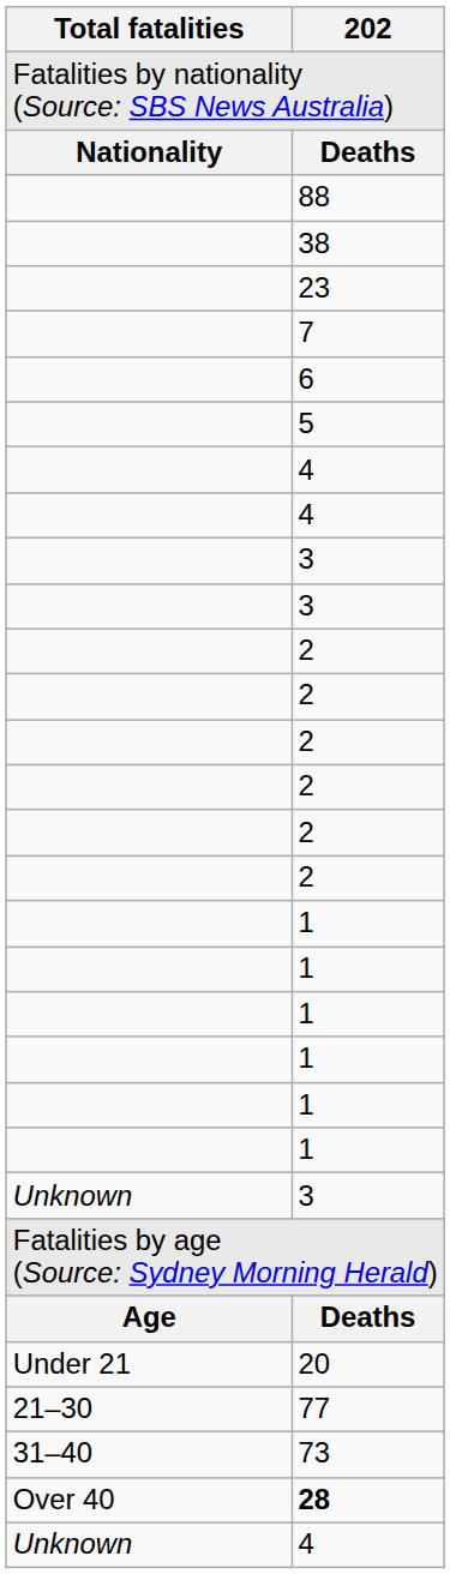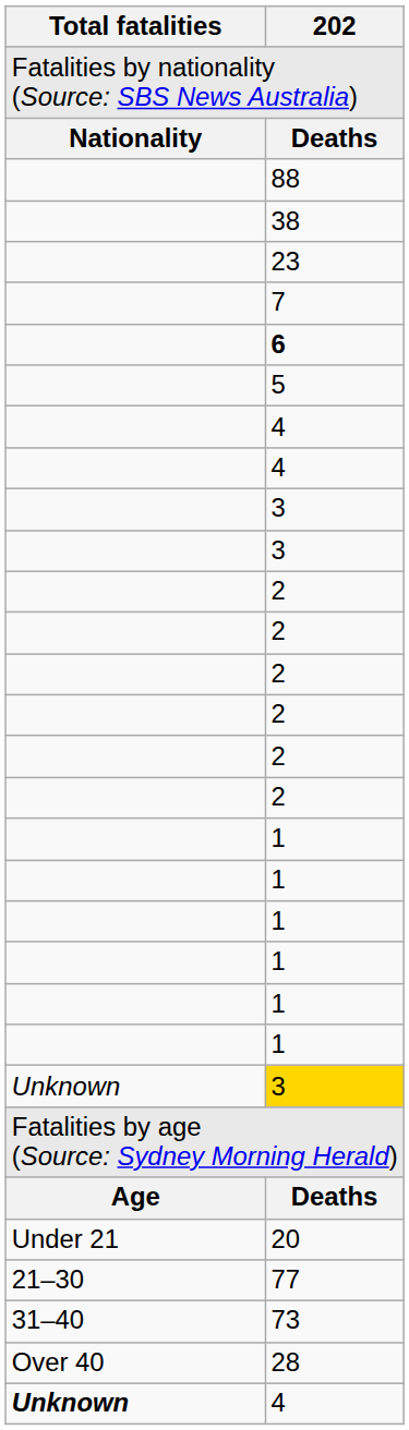 <table class="wikitable sortable" style="float:right; margin:10px">
 <tr style="background: #E9E9E9;">
 <th>Total fatalities</th>
 <th>202</th>
 </tr>
 <tr>
 <td colspan="2" style="background: #E9E9E9;"><div>Fatalities by nationality <br> (<em>Source: <a href='#'>SBS News Australia</a></em>)</div></td>
 </tr>
 <tr>
 <th>Nationality</th>
 <th>Deaths</th>
 </tr>
 <tr>
 <td></td>
 <td>88</td>
 </tr>
 <tr>
 <td></td>
 <td>38</td>
 </tr>
 <tr>
 <td></td>
 <td>23</td>
 </tr>
 <tr>
 <td></td>
 <td>7</td>
 </tr>
 <tr>
 <td></td>
-<td>6</td>
+<td><strong>6</strong></td>
 </tr>
 <tr>
 <td></td>
 <td>5</td>
 </tr>
 <tr>
 <td></td>
 <td>4</td>
 </tr>
 <tr>
 <td></td>
 <td>4</td>
 </tr>
 <tr>
 <td></td>
 <td>3</td>
 </tr>
 <tr>
 <td></td>
 <td>3</td>
 </tr>
 <tr>
 <td></td>
 <td>2</td>
 </tr>
 <tr>
 <td></td>
 <td>2</td>
 </tr>
 <tr>
 <td></td>
 <td>2</td>
 </tr>
 <tr>
 <td></td>
 <td>2</td>
 </tr>
 <tr>
 <td></td>
 <td>2</td>
 </tr>
 <tr>
 <td></td>
 <td>2</td>
 </tr>
 <tr>
 <td></td>
 <td>1</td>
 </tr>
 <tr>
 <td></td>
 <td>1</td>
 </tr>
 <tr>
 <td></td>
 <td>1</td>
 </tr>
 <tr>
 <td></td>
 <td>1</td>
 </tr>
 <tr>
 <td></td>
 <td>1</td>
 </tr>
 <tr>
 <td></td>
 <td>1</td>
 </tr>
 <tr>
 <td><em>Unknown</em></td>
-<td>3</td>
+<td style="background: gold;">3</td>
 </tr>
 <tr>
 <td colspan="4" style="background: #E9E9E9;"><div>Fatalities by age <br> (<em>Source: <a href='#'>Sydney Morning Herald</a></em>)</div></td>
 </tr>
 <tr>
 <th>Age</th>
 <th>Deaths</th>
 </tr>
 <tr>
 <td>Under 21</td>
 <td>20</td>
 </tr>
 <tr>
 <td>21–30</td>
 <td>77</td>
 </tr>
 <tr>
 <td>31–40</td>
 <td>73</td>
 </tr>
 <tr>
 <td>Over 40</td>
-<td><strong>28</strong></td>
+<td>28</td>
 </tr>
 <tr>
-<td><em>Unknown</em></td>
+<td><strong><em>Unknown</em></strong></td>
 <td>4</td>
 </tr>
 </table>
